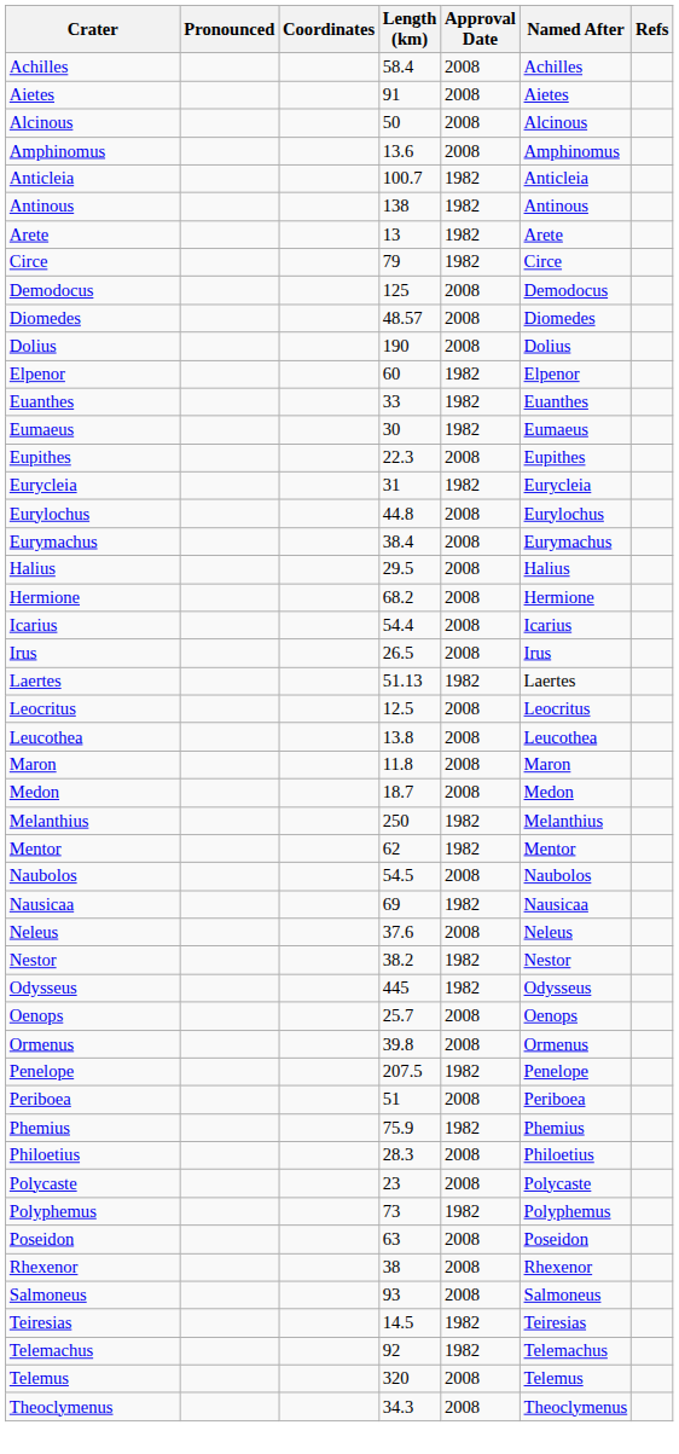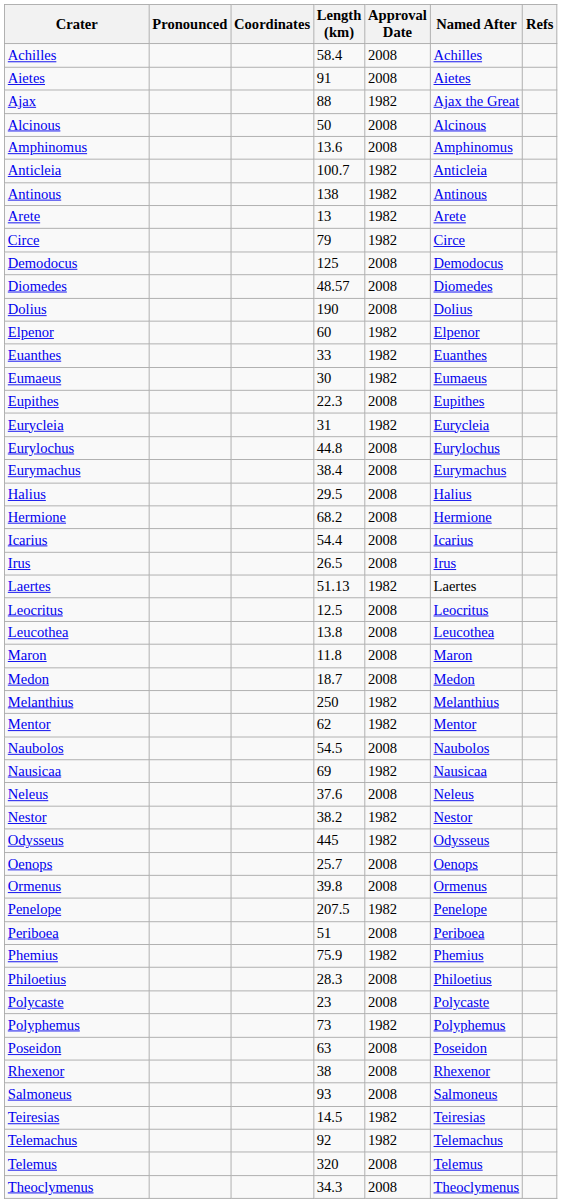 <table class="wikitable">
 <tr>
 <th style="width:10em">Crater</th>
 <th>Pronounced</th>
 <th>Coordinates</th>
 <th>Length (km)</th>
 <th>Approval Date</th>
 <th>Named After</th>
 <th>Refs</th>
 </tr>
 <tr id="Achilles">
 <td><a href='#'>Achilles</a></td>
 <td></td>
 <td></td>
 <td>58.4</td>
 <td>2008</td>
 <td><a href='#'>Achilles</a></td>
 <td></td>
 </tr>
 <tr id="Aietes">
 <td><a href='#'>Aietes</a></td>
 <td></td>
 <td></td>
 <td>91</td>
 <td>2008</td>
 <td><a href='#'>Aietes</a></td>
+<td></td>
+</tr>
+<tr id="Ajax">
+<td><a href='#'>Ajax</a></td>
+<td></td>
+<td></td>
+<td>88</td>
+<td>1982</td>
+<td><a href='#'>Ajax the Great</a></td>
 <td></td>
 </tr>
 <tr id="Alcinous">
 <td><a href='#'>Alcinous</a></td>
 <td></td>
 <td></td>
 <td>50</td>
 <td>2008</td>
 <td><a href='#'>Alcinous</a></td>
 <td></td>
 </tr>
 <tr id="Amphinomus">
 <td><a href='#'>Amphinomus</a></td>
 <td></td>
 <td></td>
 <td>13.6</td>
 <td>2008</td>
 <td><a href='#'>Amphinomus</a></td>
 <td></td>
 </tr>
 <tr id="Anticleia">
 <td><a href='#'>Anticleia</a></td>
 <td></td>
 <td></td>
 <td>100.7</td>
 <td>1982</td>
 <td><a href='#'>Anticleia</a></td>
 <td></td>
 </tr>
 <tr id="Antinous">
 <td><a href='#'>Antinous</a></td>
 <td></td>
 <td></td>
 <td>138</td>
 <td>1982</td>
 <td><a href='#'>Antinous</a></td>
 <td></td>
 </tr>
 <tr id="Arete">
 <td><a href='#'>Arete</a></td>
 <td></td>
 <td></td>
 <td>13</td>
 <td>1982</td>
 <td><a href='#'>Arete</a></td>
 <td></td>
 </tr>
 <tr id="Circe">
 <td><a href='#'>Circe</a></td>
 <td></td>
 <td></td>
 <td>79</td>
 <td>1982</td>
 <td><a href='#'>Circe</a></td>
 <td></td>
 </tr>
 <tr id="Demodocus">
 <td><a href='#'>Demodocus</a></td>
 <td></td>
 <td></td>
 <td>125</td>
 <td>2008</td>
 <td><a href='#'>Demodocus</a></td>
 <td></td>
 </tr>
 <tr id="Diomedes">
 <td><a href='#'>Diomedes</a></td>
 <td></td>
 <td></td>
 <td>48.57</td>
 <td>2008</td>
 <td><a href='#'>Diomedes</a></td>
 <td></td>
 </tr>
 <tr id="Dolius">
 <td><a href='#'>Dolius</a></td>
 <td></td>
 <td></td>
 <td>190</td>
 <td>2008</td>
 <td><a href='#'>Dolius</a></td>
 <td></td>
 </tr>
 <tr id="Elpenor">
 <td><a href='#'>Elpenor</a></td>
 <td></td>
 <td></td>
 <td>60</td>
 <td>1982</td>
 <td><a href='#'>Elpenor</a></td>
 <td></td>
 </tr>
 <tr id="Euanthes">
 <td><a href='#'>Euanthes</a></td>
 <td></td>
 <td></td>
 <td>33</td>
 <td>1982</td>
 <td><a href='#'>Euanthes</a></td>
 <td></td>
 </tr>
 <tr id="Eumaeus">
 <td><a href='#'>Eumaeus</a></td>
 <td></td>
 <td></td>
 <td>30</td>
 <td>1982</td>
 <td><a href='#'>Eumaeus</a></td>
 <td></td>
 </tr>
 <tr id="Eupithes">
 <td><a href='#'>Eupithes</a></td>
 <td></td>
 <td></td>
 <td>22.3</td>
 <td>2008</td>
 <td><a href='#'>Eupithes</a></td>
 <td></td>
 </tr>
 <tr id="Eurycleia">
 <td><a href='#'>Eurycleia</a></td>
 <td></td>
 <td></td>
 <td>31</td>
 <td>1982</td>
 <td><a href='#'>Eurycleia</a></td>
 <td></td>
 </tr>
 <tr id="Eurylochus">
 <td><a href='#'>Eurylochus</a></td>
 <td></td>
 <td></td>
 <td>44.8</td>
 <td>2008</td>
 <td><a href='#'>Eurylochus</a></td>
 <td></td>
 </tr>
 <tr id="Eurymachus">
 <td><a href='#'>Eurymachus</a></td>
 <td></td>
 <td></td>
 <td>38.4</td>
 <td>2008</td>
 <td><a href='#'>Eurymachus</a></td>
 <td></td>
 </tr>
 <tr id="Halius">
 <td><a href='#'>Halius</a></td>
 <td></td>
 <td></td>
 <td>29.5</td>
 <td>2008</td>
 <td><a href='#'>Halius</a></td>
 <td></td>
 </tr>
 <tr id="Hermione">
 <td><a href='#'>Hermione</a></td>
 <td></td>
 <td></td>
 <td>68.2</td>
 <td>2008</td>
 <td><a href='#'>Hermione</a></td>
 <td></td>
 </tr>
 <tr id="Icarius">
 <td><a href='#'>Icarius</a></td>
 <td></td>
 <td></td>
 <td>54.4</td>
 <td>2008</td>
 <td><a href='#'>Icarius</a></td>
 <td></td>
 </tr>
 <tr id="Irus">
 <td><a href='#'>Irus</a></td>
 <td></td>
 <td></td>
 <td>26.5</td>
 <td>2008</td>
 <td><a href='#'>Irus</a></td>
 <td></td>
 </tr>
 <tr id="Laertes">
 <td><a href='#'>Laertes</a></td>
 <td></td>
 <td></td>
 <td>51.13</td>
 <td>1982</td>
 <td>Laertes</td>
 <td></td>
 </tr>
 <tr id="Leocritus">
 <td><a href='#'>Leocritus</a></td>
 <td></td>
 <td></td>
 <td>12.5</td>
 <td>2008</td>
 <td><a href='#'>Leocritus</a></td>
 <td></td>
 </tr>
 <tr id="Leucothea">
 <td><a href='#'>Leucothea</a></td>
 <td></td>
 <td></td>
 <td>13.8</td>
 <td>2008</td>
 <td><a href='#'>Leucothea</a></td>
 <td></td>
 </tr>
 <tr id="Maron">
 <td><a href='#'>Maron</a></td>
 <td></td>
 <td></td>
 <td>11.8</td>
 <td>2008</td>
 <td><a href='#'>Maron</a></td>
 <td></td>
 </tr>
 <tr id="Medon">
 <td><a href='#'>Medon</a></td>
 <td></td>
 <td></td>
 <td>18.7</td>
 <td>2008</td>
 <td><a href='#'>Medon</a></td>
 <td></td>
 </tr>
 <tr id="Melanthius">
 <td><a href='#'>Melanthius</a></td>
 <td></td>
 <td></td>
 <td>250</td>
 <td>1982</td>
 <td><a href='#'>Melanthius</a></td>
 <td></td>
 </tr>
 <tr id="Mentor">
 <td><a href='#'>Mentor</a></td>
 <td></td>
 <td></td>
 <td>62</td>
 <td>1982</td>
 <td><a href='#'>Mentor</a></td>
 <td></td>
 </tr>
 <tr id="Naubolos">
 <td><a href='#'>Naubolos</a></td>
 <td></td>
 <td></td>
 <td>54.5</td>
 <td>2008</td>
 <td><a href='#'>Naubolos</a></td>
 <td></td>
 </tr>
 <tr id="Nausicaa">
 <td><a href='#'>Nausicaa</a></td>
 <td></td>
 <td></td>
 <td>69</td>
 <td>1982</td>
 <td><a href='#'>Nausicaa</a></td>
 <td></td>
 </tr>
 <tr id="Neleus">
 <td><a href='#'>Neleus</a></td>
 <td></td>
 <td></td>
 <td>37.6</td>
 <td>2008</td>
 <td><a href='#'>Neleus</a></td>
 <td></td>
 </tr>
 <tr id="Nestor">
 <td><a href='#'>Nestor</a></td>
 <td></td>
 <td></td>
 <td>38.2</td>
 <td>1982</td>
 <td><a href='#'>Nestor</a></td>
 <td></td>
 </tr>
 <tr id="Odysseus">
 <td><a href='#'>Odysseus</a></td>
 <td></td>
 <td></td>
 <td>445</td>
 <td>1982</td>
 <td><a href='#'>Odysseus</a></td>
 <td></td>
 </tr>
 <tr id="Oenops">
 <td><a href='#'>Oenops</a></td>
 <td></td>
 <td></td>
 <td>25.7</td>
 <td>2008</td>
 <td><a href='#'>Oenops</a></td>
 <td></td>
 </tr>
 <tr id="Ormenus'">
 <td><a href='#'>Ormenus</a></td>
 <td></td>
 <td></td>
 <td>39.8</td>
 <td>2008</td>
 <td><a href='#'>Ormenus</a></td>
 <td></td>
 </tr>
 <tr id="Penelope">
 <td><a href='#'>Penelope</a></td>
 <td></td>
 <td></td>
 <td>207.5</td>
 <td>1982</td>
 <td><a href='#'>Penelope</a></td>
 <td></td>
 </tr>
 <tr id="Periboea">
 <td><a href='#'>Periboea</a></td>
 <td></td>
 <td></td>
 <td>51</td>
 <td>2008</td>
 <td><a href='#'>Periboea</a></td>
 <td></td>
 </tr>
 <tr id="Phemius">
 <td><a href='#'>Phemius</a></td>
 <td></td>
 <td></td>
 <td>75.9</td>
 <td>1982</td>
 <td><a href='#'>Phemius</a></td>
 <td></td>
 </tr>
 <tr id="Philoetius">
 <td><a href='#'>Philoetius</a></td>
 <td></td>
 <td></td>
 <td>28.3</td>
 <td>2008</td>
 <td><a href='#'>Philoetius</a></td>
 <td></td>
 </tr>
 <tr id="Polycaste">
 <td><a href='#'>Polycaste</a></td>
 <td></td>
 <td></td>
 <td>23</td>
 <td>2008</td>
 <td><a href='#'>Polycaste</a></td>
 <td></td>
 </tr>
 <tr id="Polyphemus">
 <td><a href='#'>Polyphemus</a></td>
 <td></td>
 <td></td>
 <td>73</td>
 <td>1982</td>
 <td><a href='#'>Polyphemus</a></td>
 <td></td>
 </tr>
 <tr id="Poseidon">
 <td><a href='#'>Poseidon</a></td>
 <td></td>
 <td></td>
 <td>63</td>
 <td>2008</td>
 <td><a href='#'>Poseidon</a></td>
 <td></td>
 </tr>
 <tr id="Rhexenor">
 <td><a href='#'>Rhexenor</a></td>
 <td></td>
 <td></td>
 <td>38</td>
 <td>2008</td>
 <td><a href='#'>Rhexenor</a></td>
 <td></td>
 </tr>
 <tr id="Salmoneus">
 <td><a href='#'>Salmoneus</a></td>
 <td></td>
 <td></td>
 <td>93</td>
 <td>2008</td>
 <td><a href='#'>Salmoneus</a></td>
 <td></td>
 </tr>
 <tr id="Teiresias">
 <td><a href='#'>Teiresias</a></td>
 <td></td>
 <td></td>
 <td>14.5</td>
 <td>1982</td>
 <td><a href='#'>Teiresias</a></td>
 <td></td>
 </tr>
 <tr id="Telemachus">
 <td><a href='#'>Telemachus</a></td>
 <td></td>
 <td></td>
 <td>92</td>
 <td>1982</td>
 <td><a href='#'>Telemachus</a></td>
 <td></td>
 </tr>
 <tr id="Telemus">
 <td><a href='#'>Telemus</a></td>
 <td></td>
 <td></td>
 <td>320</td>
 <td>2008</td>
 <td><a href='#'>Telemus</a></td>
 <td></td>
 </tr>
 <tr id="Theoclymenus">
 <td><a href='#'>Theoclymenus</a></td>
 <td></td>
 <td></td>
 <td>34.3</td>
 <td>2008</td>
 <td><a href='#'>Theoclymenus</a></td>
 <td></td>
 </tr>
 </table>
